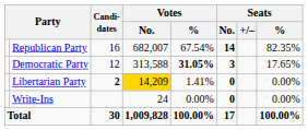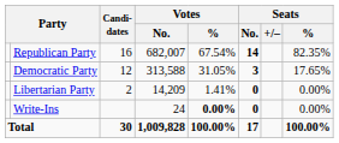 <table class="wikitable" style="font-size:100%; text-align:right;">
 <tr>
 <th colspan=2 rowspan=2>Party</th>
 <th rowspan=2><small>Candi-<br>dates</small></th>
 <th colspan=2>Votes</th>
 <th colspan=3>Seats</th>
 </tr>
 <tr>
 <th>No.</th>
 <th>%</th>
 <th>No.</th>
 <th>+/–</th>
 <th>%</th>
 </tr>
 <tr>
 <td style="background:"></td>
 <td align=left><a href='#'>Republican Party</a></td>
 <td>16</td>
 <td>682,007</td>
 <td>67.54%</td>
 <td><strong>14</strong></td>
 <td></td>
 <td>82.35%</td>
 </tr>
 <tr>
 <td style="background:"></td>
 <td align=left><a href='#'>Democratic Party</a></td>
 <td>12</td>
 <td>313,588</td>
-<td><strong>31.05%</strong></td>
+<td>31.05%</td>
 <td><strong>3</strong></td>
 <td></td>
 <td>17.65%</td>
 </tr>
 <tr>
 <td style="background:"></td>
 <td align=left><a href='#'>Libertarian Party</a></td>
-<td><strong>2</strong></td>
-<td style="background: gold;">14,209</td>
+<td>2</td>
+<td>14,209</td>
 <td>1.41%</td>
 <td><strong>0</strong></td>
 <td></td>
 <td>0.00%</td>
 </tr>
 <tr>
 <td style="background:"></td>
 <td align=left><a href='#'>Write-Ins</a></td>
 <td></td>
 <td>24</td>
-<td>0.00%</td>
+<td><strong>0.00%</strong></td>
 <td><strong>0</strong></td>
 <td></td>
 <td>0.00%</td>
 </tr>
 <tr style="font-weight:bold">
 <td colspan=2 align=left>Total</td>
 <td>30</td>
 <td>1,009,828</td>
 <td>100.00%</td>
 <td>17</td>
 <td></td>
 <td>100.00%</td>
 </tr>
 </table>
